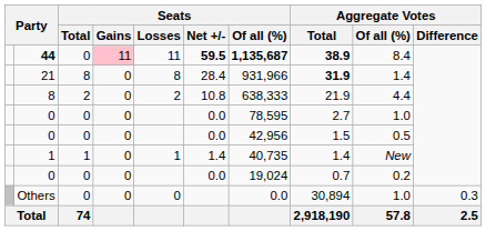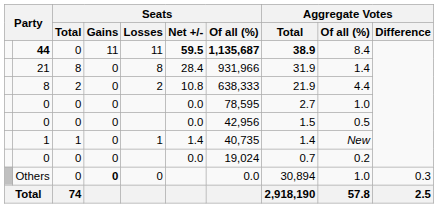 <table class="wikitable sortable" style="text-align:right; font-size:95%;">
 <tr>
 <th colspan="2" rowspan="2">Party</th>
 <th colspan="5">Seats</th>
 <th colspan="3">Aggregate Votes</th>
 </tr>
 <tr>
 <th>Total</th>
 <th>Gains</th>
 <th>Losses</th>
 <th>Net +/-</th>
 <th>Of all (%)</th>
 <th>Total</th>
 <th>Of all (%)</th>
 <th>Difference</th>
 </tr>
 <tr>
 <td></td>
 <td><strong>44</strong></td>
 <td>0</td>
-<td style="background: pink;">11</td>
+<td>11</td>
 <td>11</td>
 <td><strong>59.5</strong></td>
 <td><strong>1,135,687</strong></td>
 <td><strong>38.9</strong></td>
 <td>8.4</td>
 </tr>
 <tr>
 <td></td>
 <td>21</td>
 <td>8</td>
 <td>0</td>
 <td>8</td>
 <td>28.4</td>
 <td>931,966</td>
-<td><strong>31.9</strong></td>
+<td>31.9</td>
 <td>1.4</td>
 </tr>
 <tr>
 <td></td>
 <td>8</td>
 <td>2</td>
 <td>0</td>
 <td>2</td>
 <td>10.8</td>
 <td>638,333</td>
 <td>21.9</td>
 <td>4.4</td>
 </tr>
 <tr>
 <td></td>
 <td>0</td>
 <td>0</td>
 <td>0</td>
 <td></td>
 <td>0.0</td>
 <td>78,595</td>
 <td>2.7</td>
 <td>1.0</td>
 </tr>
 <tr>
 <td></td>
 <td>0</td>
 <td>0</td>
 <td>0</td>
 <td></td>
 <td>0.0</td>
 <td>42,956</td>
 <td>1.5</td>
 <td>0.5</td>
 </tr>
 <tr>
 <td></td>
 <td>1</td>
 <td>1</td>
 <td>0</td>
 <td>1</td>
 <td>1.4</td>
 <td>40,735</td>
 <td>1.4</td>
 <td><em>New</em></td>
 </tr>
 <tr>
 <td></td>
 <td>0</td>
 <td>0</td>
 <td>0</td>
 <td></td>
 <td>0.0</td>
 <td>19,024</td>
 <td>0.7</td>
 <td>0.2</td>
 </tr>
 <tr>
 <td style="background:silver;"> </td>
 <td align=left>Others</td>
 <td>0</td>
-<td>0</td>
+<td><strong>0</strong></td>
 <td>0</td>
 <td></td>
 <td>0.0</td>
 <td>30,894</td>
 <td>1.0</td>
 <td>0.3</td>
 </tr>
 <tr class="sortbottom">
 <th colspan="2" style="background:#f2f2f2"><strong>Total</strong></th>
 <td style="background:#f2f2f2;"><strong>74</strong></td>
 <td style="background:#f2f2f2;"></td>
 <td style="background:#f2f2f2;"></td>
 <td style="background:#f2f2f2;"></td>
 <td style="background:#f2f2f2;"></td>
 <td style="background:#f2f2f2;"><strong>2,918,190</strong></td>
 <td style="background:#f2f2f2;"><strong>57.8</strong></td>
 <td style="background:#f2f2f2;"><strong>2.5</strong></td>
 </tr>
 </table>
